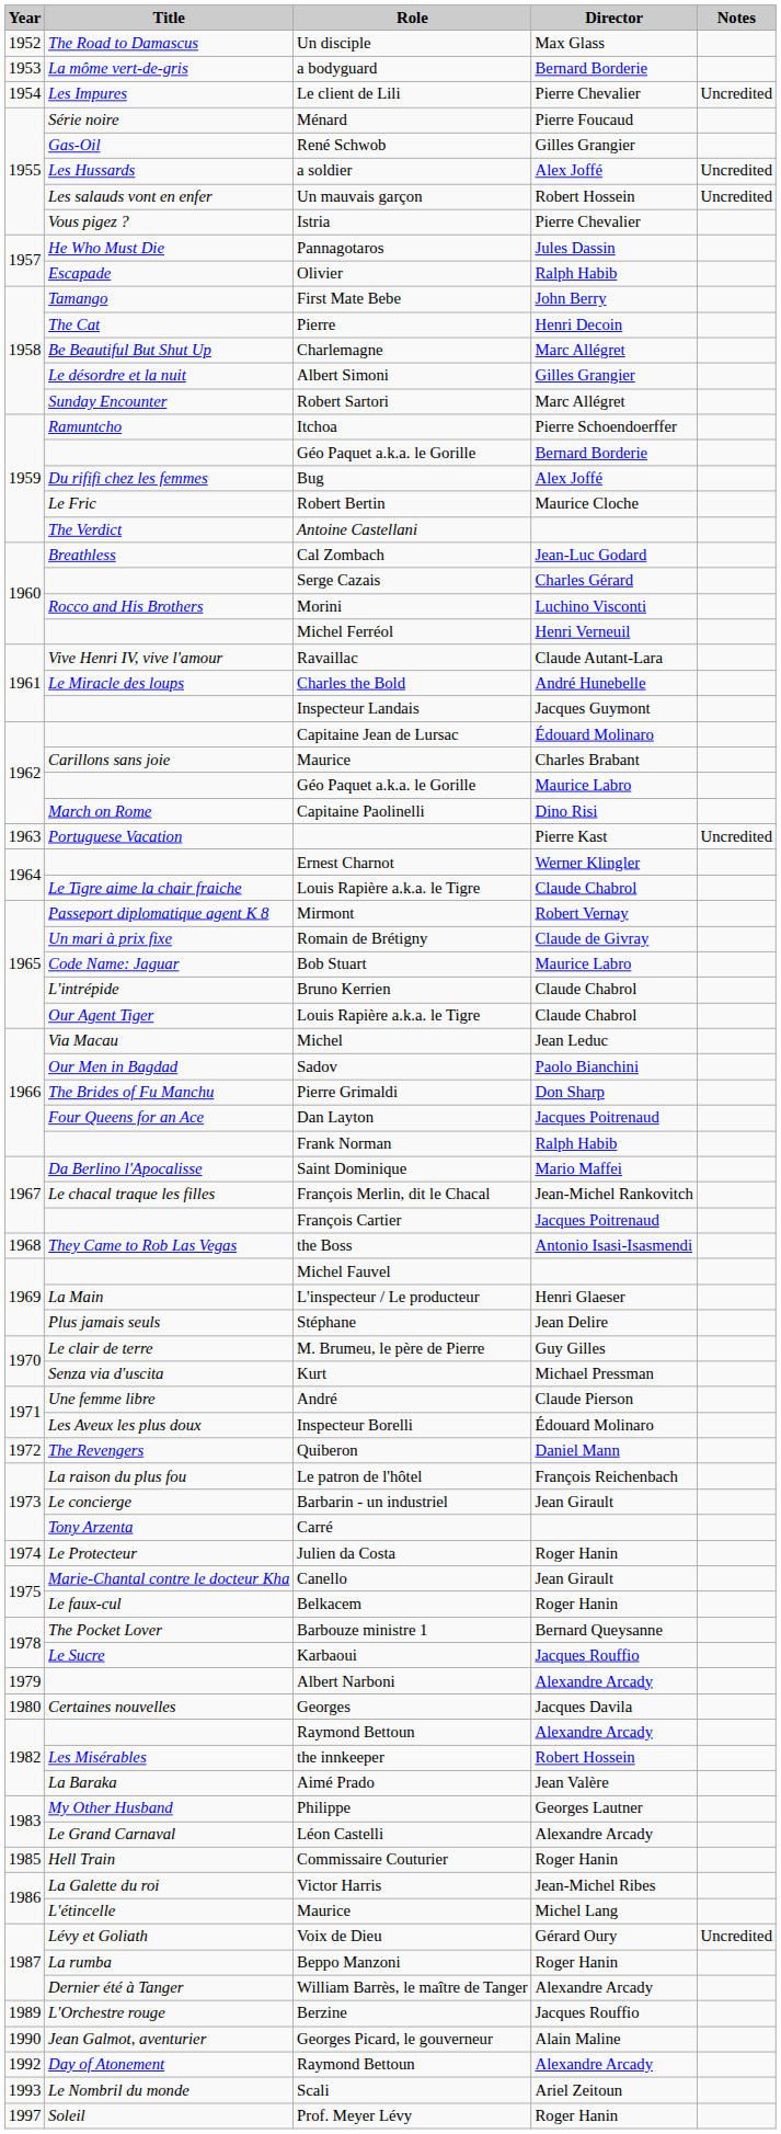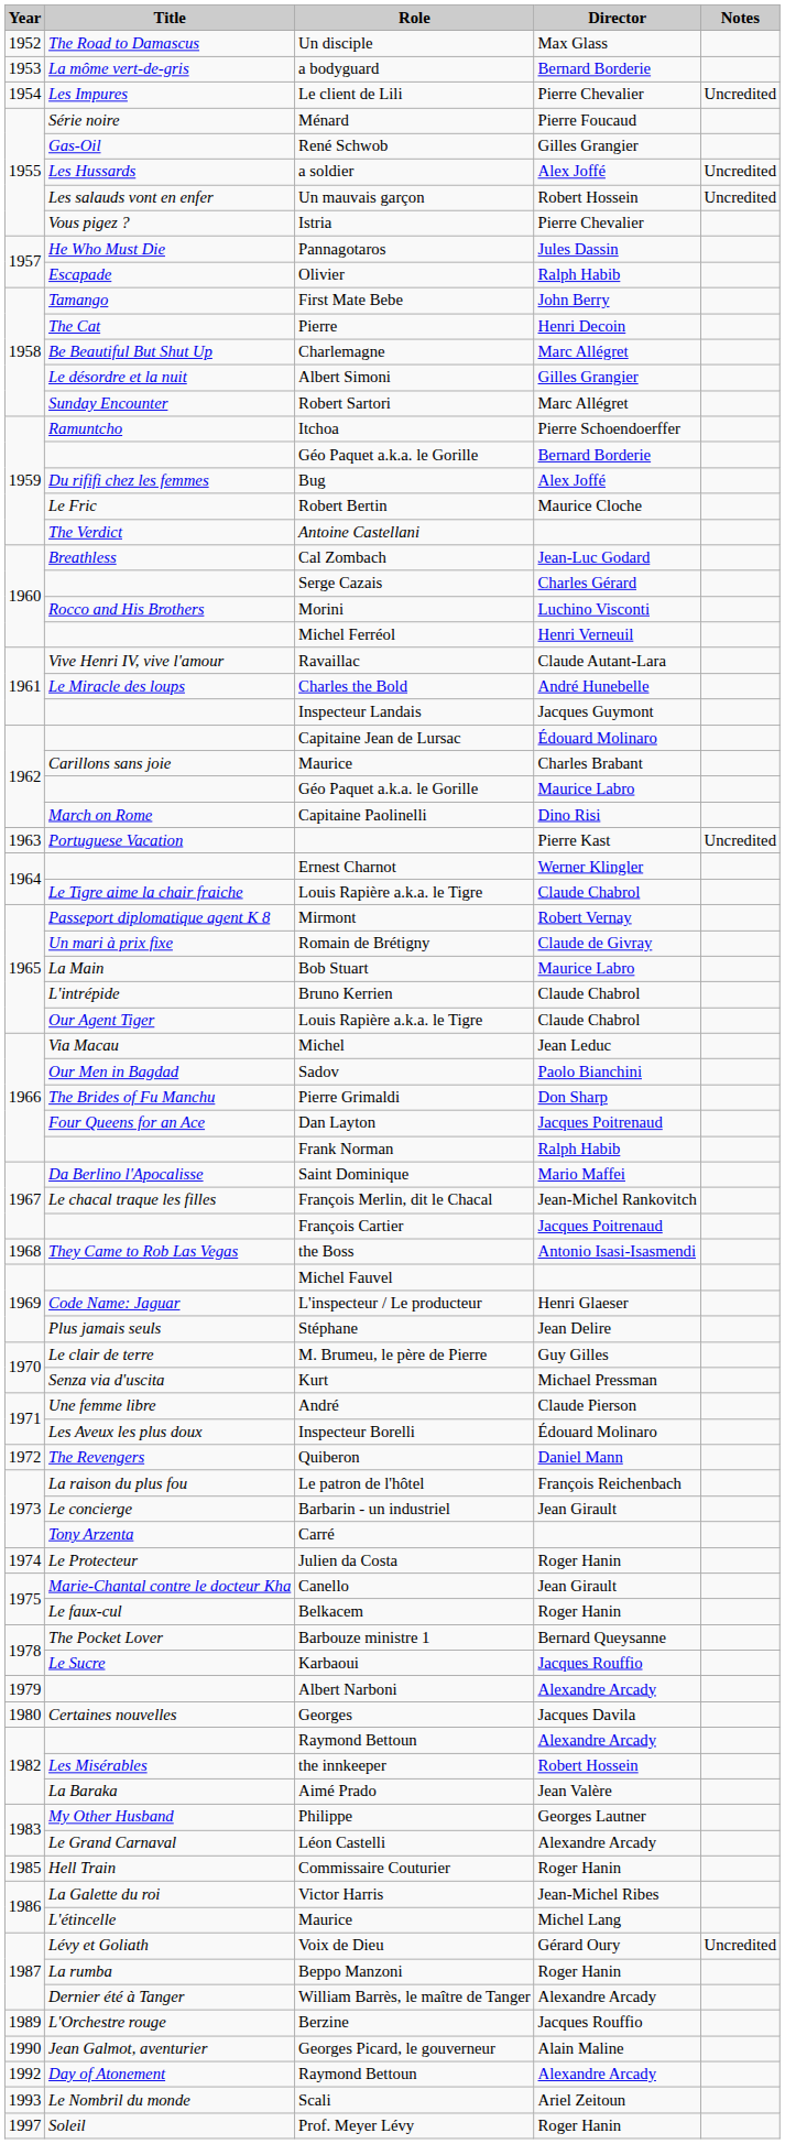 <table class="wikitable">
 <tr>
 <th style="background: #CCCCCC;">Year</th>
 <th style="background: #CCCCCC;">Title</th>
 <th style="background: #CCCCCC;">Role</th>
 <th style="background: #CCCCCC;">Director</th>
 <th style="background: #CCCCCC;">Notes</th>
 </tr>
 <tr>
 <td>1952</td>
 <td><em><a href='#'>The Road to Damascus</a></em></td>
 <td>Un disciple</td>
 <td>Max Glass</td>
 <td></td>
 </tr>
 <tr>
 <td>1953</td>
 <td><em><a href='#'>La môme vert-de-gris</a></em></td>
 <td>a bodyguard</td>
 <td><a href='#'>Bernard Borderie</a></td>
 <td></td>
 </tr>
 <tr>
 <td>1954</td>
 <td><em><a href='#'>Les Impures</a></em></td>
 <td>Le client de Lili</td>
 <td>Pierre Chevalier</td>
 <td>Uncredited</td>
 </tr>
 <tr>
 <td rowspan=5>1955</td>
 <td><em>Série noire</em></td>
 <td>Ménard</td>
 <td>Pierre Foucaud</td>
 <td></td>
 </tr>
 <tr>
 <td><em><a href='#'>Gas-Oil</a></em></td>
 <td>René Schwob</td>
 <td>Gilles Grangier</td>
 <td></td>
 </tr>
 <tr>
 <td><em><a href='#'>Les Hussards</a></em></td>
 <td>a soldier</td>
 <td><a href='#'>Alex Joffé</a></td>
 <td>Uncredited</td>
 </tr>
 <tr>
 <td><em>Les salauds vont en enfer</em></td>
 <td>Un mauvais garçon</td>
 <td>Robert Hossein</td>
 <td>Uncredited</td>
 </tr>
 <tr>
 <td><em>Vous pigez ?</em></td>
 <td>Istria</td>
 <td>Pierre Chevalier</td>
 <td></td>
 </tr>
 <tr>
 <td rowspan=2>1957</td>
 <td><em><a href='#'>He Who Must Die</a></em></td>
 <td>Pannagotaros</td>
 <td><a href='#'>Jules Dassin</a></td>
 <td></td>
 </tr>
 <tr>
 <td><em><a href='#'>Escapade</a></em></td>
 <td>Olivier</td>
 <td><a href='#'>Ralph Habib</a></td>
 <td></td>
 </tr>
 <tr>
 <td rowspan=5>1958</td>
 <td><em><a href='#'>Tamango</a></em></td>
 <td>First Mate Bebe</td>
 <td><a href='#'>John Berry</a></td>
 <td></td>
 </tr>
 <tr>
 <td><em><a href='#'>The Cat</a></em></td>
 <td>Pierre</td>
 <td><a href='#'>Henri Decoin</a></td>
 <td></td>
 </tr>
 <tr>
 <td><em><a href='#'>Be Beautiful But Shut Up</a></em></td>
 <td>Charlemagne</td>
 <td><a href='#'>Marc Allégret</a></td>
 <td></td>
 </tr>
 <tr>
 <td><em><a href='#'>Le désordre et la nuit</a></em></td>
 <td>Albert Simoni</td>
 <td><a href='#'>Gilles Grangier</a></td>
 <td></td>
 </tr>
 <tr>
 <td><em><a href='#'>Sunday Encounter</a></em></td>
 <td>Robert Sartori</td>
 <td>Marc Allégret</td>
 <td></td>
 </tr>
 <tr>
 <td rowspan=5>1959</td>
 <td><em><a href='#'>Ramuntcho</a></em></td>
 <td>Itchoa</td>
 <td>Pierre Schoendoerffer</td>
 <td></td>
 </tr>
 <tr>
 <td><em></em></td>
 <td>Géo Paquet a.k.a. le Gorille</td>
 <td><a href='#'>Bernard Borderie</a></td>
 <td></td>
 </tr>
 <tr>
 <td><em><a href='#'>Du rififi chez les femmes</a></em></td>
 <td>Bug</td>
 <td><a href='#'>Alex Joffé</a></td>
 <td></td>
 </tr>
 <tr>
 <td><em>Le Fric</em></td>
 <td>Robert Bertin</td>
 <td>Maurice Cloche</td>
 <td></td>
 </tr>
 <tr>
 <td><em><a href='#'>The Verdict</a></em></td>
 <td><em>Antoine Castellani</em></td>
 <td></td>
 <td></td>
 </tr>
 <tr>
 <td rowspan=4>1960</td>
 <td><em><a href='#'>Breathless</a></em></td>
 <td>Cal Zombach</td>
 <td><a href='#'>Jean-Luc Godard</a></td>
 <td></td>
 </tr>
 <tr>
 <td><em></em></td>
 <td>Serge Cazais</td>
 <td><a href='#'>Charles Gérard</a></td>
 <td></td>
 </tr>
 <tr>
 <td><em><a href='#'>Rocco and His Brothers</a></em></td>
 <td>Morini</td>
 <td><a href='#'>Luchino Visconti</a></td>
 <td></td>
 </tr>
 <tr>
 <td><em></em></td>
 <td>Michel Ferréol</td>
 <td><a href='#'>Henri Verneuil</a></td>
 <td></td>
 </tr>
 <tr>
 <td rowspan=3>1961</td>
 <td><em>Vive Henri IV, vive l'amour</em></td>
 <td>Ravaillac</td>
 <td>Claude Autant-Lara</td>
 <td></td>
 </tr>
 <tr>
 <td><em><a href='#'>Le Miracle des loups</a></em></td>
 <td><a href='#'>Charles the Bold</a></td>
 <td><a href='#'>André Hunebelle</a></td>
 <td></td>
 </tr>
 <tr>
 <td><em></em></td>
 <td>Inspecteur Landais</td>
 <td>Jacques Guymont</td>
 <td></td>
 </tr>
 <tr>
 <td rowspan=4>1962</td>
 <td><em></em></td>
 <td>Capitaine Jean de Lursac</td>
 <td><a href='#'>Édouard Molinaro</a></td>
 <td></td>
 </tr>
 <tr>
 <td><em>Carillons sans joie</em></td>
 <td>Maurice</td>
 <td>Charles Brabant</td>
 <td></td>
 </tr>
 <tr>
 <td><em></em></td>
 <td>Géo Paquet a.k.a. le Gorille</td>
 <td><a href='#'>Maurice Labro</a></td>
 <td></td>
 </tr>
 <tr>
 <td><em><a href='#'>March on Rome</a></em></td>
 <td>Capitaine Paolinelli</td>
 <td><a href='#'>Dino Risi</a></td>
 <td></td>
 </tr>
 <tr>
 <td>1963</td>
 <td><em><a href='#'>Portuguese Vacation</a></em></td>
 <td></td>
 <td>Pierre Kast</td>
 <td>Uncredited</td>
 </tr>
 <tr>
 <td rowspan=2>1964</td>
 <td><em></em></td>
 <td>Ernest Charnot</td>
 <td><a href='#'>Werner Klingler</a></td>
 <td></td>
 </tr>
 <tr>
 <td><em><a href='#'>Le Tigre aime la chair fraiche</a></em></td>
 <td>Louis Rapière a.k.a. le Tigre</td>
 <td><a href='#'>Claude Chabrol</a></td>
 <td></td>
 </tr>
 <tr>
 <td rowspan=5>1965</td>
 <td><em><a href='#'>Passeport diplomatique agent K 8</a></em></td>
 <td>Mirmont</td>
 <td><a href='#'>Robert Vernay</a></td>
 <td></td>
 </tr>
 <tr>
 <td><em><a href='#'>Un mari à prix fixe</a></em></td>
 <td>Romain de Brétigny</td>
 <td><a href='#'>Claude de Givray</a></td>
 <td></td>
 </tr>
 <tr>
-<td><em><a href='#'>Code Name: Jaguar</a></em></td>
+<td><em>La Main</em></td>
 <td>Bob Stuart</td>
 <td><a href='#'>Maurice Labro</a></td>
 <td></td>
 </tr>
 <tr>
 <td><em>L'intrépide</em></td>
 <td>Bruno Kerrien</td>
 <td>Claude Chabrol</td>
 <td></td>
 </tr>
 <tr>
 <td><em><a href='#'>Our Agent Tiger</a></em></td>
 <td>Louis Rapière a.k.a. le Tigre</td>
 <td>Claude Chabrol</td>
 <td></td>
 </tr>
 <tr>
 <td rowspan=5>1966</td>
 <td><em>Via Macau</em></td>
 <td>Michel</td>
 <td>Jean Leduc</td>
 <td></td>
 </tr>
 <tr>
 <td><em><a href='#'>Our Men in Bagdad</a></em></td>
 <td>Sadov</td>
 <td><a href='#'>Paolo Bianchini</a></td>
 <td></td>
 </tr>
 <tr>
 <td><em><a href='#'>The Brides of Fu Manchu</a></em></td>
 <td>Pierre Grimaldi</td>
 <td><a href='#'>Don Sharp</a></td>
 <td></td>
 </tr>
 <tr>
 <td><em><a href='#'>Four Queens for an Ace</a></em></td>
 <td>Dan Layton</td>
 <td><a href='#'>Jacques Poitrenaud</a></td>
 <td></td>
 </tr>
 <tr>
 <td><em></em></td>
 <td>Frank Norman</td>
 <td><a href='#'>Ralph Habib</a></td>
 <td></td>
 </tr>
 <tr>
 <td rowspan=3>1967</td>
 <td><em><a href='#'>Da Berlino l'Apocalisse</a></em></td>
 <td>Saint Dominique</td>
 <td><a href='#'>Mario Maffei</a></td>
 <td></td>
 </tr>
 <tr>
 <td><em>Le chacal traque les filles</em></td>
 <td>François Merlin, dit le Chacal</td>
 <td>Jean-Michel Rankovitch</td>
 <td></td>
 </tr>
 <tr>
 <td><em></em></td>
 <td>François Cartier</td>
 <td><a href='#'>Jacques Poitrenaud</a></td>
 <td></td>
 </tr>
 <tr>
 <td>1968</td>
 <td><em><a href='#'>They Came to Rob Las Vegas</a></em></td>
 <td>the Boss</td>
 <td><a href='#'>Antonio Isasi-Isasmendi</a></td>
 <td></td>
 </tr>
 <tr>
 <td rowspan=3>1969</td>
 <td><em></em></td>
 <td>Michel Fauvel</td>
 <td></td>
 <td></td>
 </tr>
 <tr>
-<td><em>La Main</em></td>
+<td><em><a href='#'>Code Name: Jaguar</a></em></td>
 <td>L'inspecteur / Le producteur</td>
 <td>Henri Glaeser</td>
 <td></td>
 </tr>
 <tr>
 <td><em>Plus jamais seuls</em></td>
 <td>Stéphane</td>
 <td>Jean Delire</td>
 <td></td>
 </tr>
 <tr>
 <td rowspan=2>1970</td>
 <td><em>Le clair de terre</em></td>
 <td>M. Brumeu, le père de Pierre</td>
 <td>Guy Gilles</td>
 <td></td>
 </tr>
 <tr>
 <td><em>Senza via d'uscita</em></td>
 <td>Kurt</td>
 <td>Michael Pressman</td>
 <td></td>
 </tr>
 <tr>
 <td rowspan=2>1971</td>
 <td><em>Une femme libre</em></td>
 <td>André</td>
 <td>Claude Pierson</td>
 <td></td>
 </tr>
 <tr>
 <td><em>Les Aveux les plus doux</em></td>
 <td>Inspecteur Borelli</td>
 <td>Édouard Molinaro</td>
 <td></td>
 </tr>
 <tr>
 <td>1972</td>
 <td><em><a href='#'>The Revengers</a></em></td>
 <td>Quiberon</td>
 <td><a href='#'>Daniel Mann</a></td>
 <td></td>
 </tr>
 <tr>
 <td rowspan=3>1973</td>
 <td><em>La raison du plus fou</em></td>
 <td>Le patron de l'hôtel</td>
 <td>François Reichenbach</td>
 <td></td>
 </tr>
 <tr>
 <td><em>Le concierge</em></td>
 <td>Barbarin - un industriel</td>
 <td>Jean Girault</td>
 <td></td>
 </tr>
 <tr>
 <td><em><a href='#'>Tony Arzenta</a></em></td>
 <td>Carré</td>
 <td></td>
 <td></td>
 </tr>
 <tr>
 <td>1974</td>
 <td><em>Le Protecteur</em></td>
 <td>Julien da Costa</td>
 <td>Roger Hanin</td>
 <td></td>
 </tr>
 <tr>
 <td rowspan=2>1975</td>
 <td><em><a href='#'>Marie-Chantal contre le docteur Kha</a></em></td>
 <td>Canello</td>
 <td>Jean Girault</td>
 <td></td>
 </tr>
 <tr>
 <td><em>Le faux-cul</em></td>
 <td>Belkacem</td>
 <td>Roger Hanin</td>
 <td></td>
 </tr>
 <tr>
 <td rowspan=2>1978</td>
 <td><em>The Pocket Lover</em></td>
 <td>Barbouze ministre 1</td>
 <td>Bernard Queysanne</td>
 <td></td>
 </tr>
 <tr>
 <td><em><a href='#'>Le Sucre</a></em></td>
 <td>Karbaoui</td>
 <td><a href='#'>Jacques Rouffio</a></td>
 <td></td>
 </tr>
 <tr>
 <td>1979</td>
 <td><em></em></td>
 <td>Albert Narboni</td>
 <td><a href='#'>Alexandre Arcady</a></td>
 <td></td>
 </tr>
 <tr>
 <td>1980</td>
 <td><em>Certaines nouvelles</em></td>
 <td>Georges</td>
 <td>Jacques Davila</td>
 <td></td>
 </tr>
 <tr>
 <td rowspan=3>1982</td>
 <td><em></em></td>
 <td>Raymond Bettoun</td>
 <td><a href='#'>Alexandre Arcady</a></td>
 <td></td>
 </tr>
 <tr>
 <td><em><a href='#'>Les Misérables</a></em></td>
 <td>the innkeeper</td>
 <td><a href='#'>Robert Hossein</a></td>
 <td></td>
 </tr>
 <tr>
 <td><em>La Baraka</em></td>
 <td>Aimé Prado</td>
 <td>Jean Valère</td>
 <td></td>
 </tr>
 <tr>
 <td rowspan=2>1983</td>
 <td><em><a href='#'>My Other Husband</a></em></td>
 <td>Philippe</td>
 <td>Georges Lautner</td>
 <td></td>
 </tr>
 <tr>
 <td><em>Le Grand Carnaval</em></td>
 <td>Léon Castelli</td>
 <td>Alexandre Arcady</td>
 <td></td>
 </tr>
 <tr>
 <td>1985</td>
 <td><em>Hell Train</em></td>
 <td>Commissaire Couturier</td>
 <td>Roger Hanin</td>
 <td></td>
 </tr>
 <tr>
 <td rowspan=2>1986</td>
 <td><em>La Galette du roi</em></td>
 <td>Victor Harris</td>
 <td>Jean-Michel Ribes</td>
 <td></td>
 </tr>
 <tr>
 <td><em>L'étincelle</em></td>
 <td>Maurice</td>
 <td>Michel Lang</td>
 <td></td>
 </tr>
 <tr>
 <td rowspan=3>1987</td>
 <td><em>Lévy et Goliath</em></td>
 <td>Voix de Dieu</td>
 <td>Gérard Oury</td>
 <td>Uncredited</td>
 </tr>
 <tr>
 <td><em>La rumba</em></td>
 <td>Beppo Manzoni</td>
 <td>Roger Hanin</td>
 <td></td>
 </tr>
 <tr>
 <td><em>Dernier été à Tanger</em></td>
 <td>William Barrès, le maître de Tanger</td>
 <td>Alexandre Arcady</td>
 <td></td>
 </tr>
 <tr>
 <td>1989</td>
 <td><em>L'Orchestre rouge</em></td>
 <td>Berzine</td>
 <td>Jacques Rouffio</td>
 <td></td>
 </tr>
 <tr>
 <td>1990</td>
 <td><em>Jean Galmot, aventurier</em></td>
 <td>Georges Picard, le gouverneur</td>
 <td>Alain Maline</td>
 <td></td>
 </tr>
 <tr>
 <td>1992</td>
 <td><em><a href='#'>Day of Atonement</a></em></td>
 <td>Raymond Bettoun</td>
 <td><a href='#'>Alexandre Arcady</a></td>
 <td></td>
 </tr>
 <tr>
 <td>1993</td>
 <td><em>Le Nombril du monde</em></td>
 <td>Scali</td>
 <td>Ariel Zeitoun</td>
 <td></td>
 </tr>
 <tr>
 <td>1997</td>
 <td><em>Soleil</em></td>
 <td>Prof. Meyer Lévy</td>
 <td>Roger Hanin</td>
 <td></td>
 </tr>
 </table>
